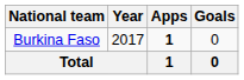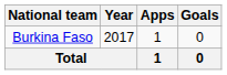 <table class="wikitable" style="text-align:center">
 <tr>
 <th>National team</th>
 <th>Year</th>
 <th>Apps</th>
 <th>Goals</th>
 </tr>
 <tr>
 <td><a href='#'>Burkina Faso</a></td>
 <td>2017</td>
-<td><strong>1</strong></td>
+<td>1</td>
 <td>0</td>
 </tr>
 <tr>
 <th colspan="2">Total</th>
 <th>1</th>
 <th>0</th>
 </tr>
 </table>
